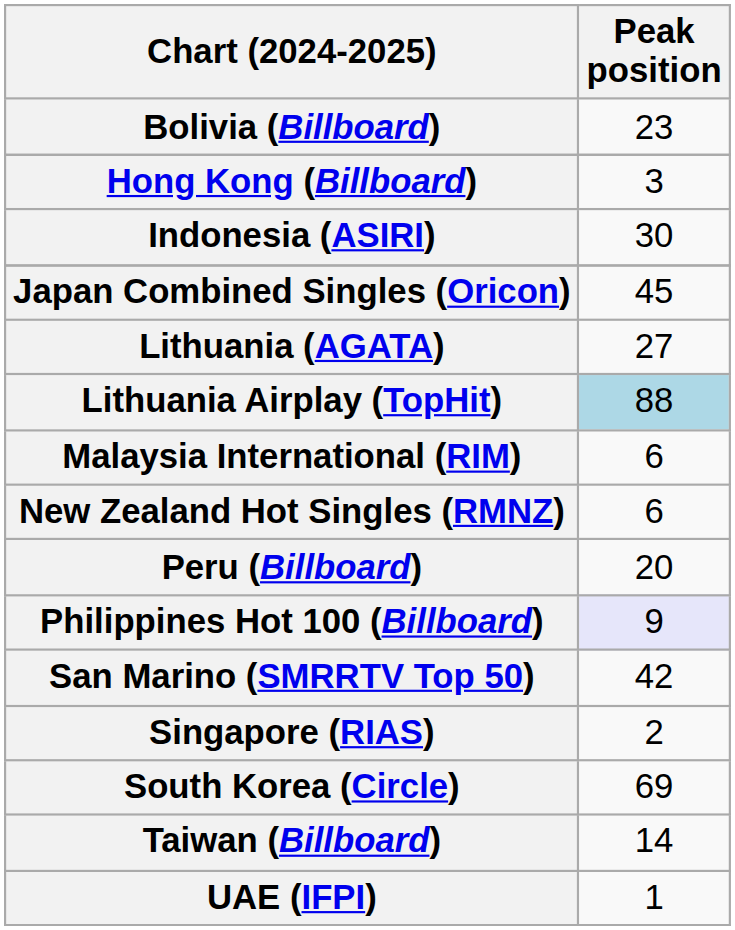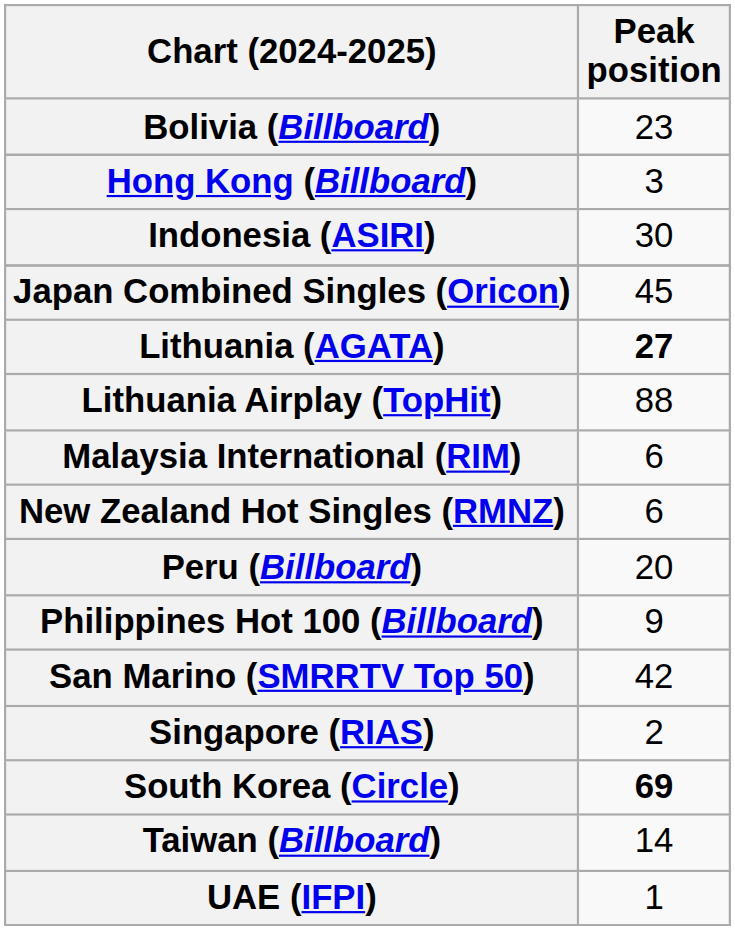 <table class="wikitable sortable plainrowheaders" style="text-align:center">
 <tr>
 <th scope="col">Chart (2024-2025)</th>
 <th scope="col">Peak<br>position</th>
 </tr>
 <tr>
 <th scope="row">Bolivia (<em><a href='#'>Billboard</a></em>)</th>
 <td>23</td>
 </tr>
 <tr>
 </tr>
 <tr>
 </tr>
 <tr>
 <th scope="row"><a href='#'>Hong Kong</a> (<em><a href='#'>Billboard</a></em>)</th>
 <td>3</td>
 </tr>
 <tr>
 <th scope="row">Indonesia (<a href='#'>ASIRI</a>)</th>
 <td>30</td>
 </tr>
 <tr>
 </tr>
 <tr>
 <th scope="row">Japan Combined Singles (<a href='#'>Oricon</a>)</th>
 <td>45</td>
 </tr>
 <tr>
 <th scope="row">Lithuania (<a href='#'>AGATA</a>)</th>
-<td>27</td>
+<td><strong>27</strong></td>
 </tr>
 <tr>
 <th scope="row">Lithuania Airplay (<a href='#'>TopHit</a>)</th>
-<td style="background: lightblue;">88</td>
+<td>88</td>
 </tr>
 <tr>
 <th scope="row">Malaysia International (<a href='#'>RIM</a>)</th>
 <td>6</td>
 </tr>
 <tr>
 <th scope="row">New Zealand Hot Singles (<a href='#'>RMNZ</a>)</th>
 <td>6</td>
 </tr>
 <tr>
 <th scope="row">Peru (<em><a href='#'>Billboard</a></em>)</th>
 <td>20</td>
 </tr>
 <tr>
 <th scope="row">Philippines Hot 100 (<em><a href='#'>Billboard</a></em>)</th>
-<td style="background: lavender;">9</td>
+<td>9</td>
 </tr>
 <tr>
 <th scope="row">San Marino (<a href='#'>SMRRTV Top 50</a>)</th>
 <td>42</td>
 </tr>
 <tr>
 <th scope="row">Singapore (<a href='#'>RIAS</a>)</th>
 <td>2</td>
 </tr>
 <tr>
 <th scope="row">South Korea (<a href='#'>Circle</a>)</th>
-<td>69</td>
+<td><strong>69</strong></td>
 </tr>
 <tr>
 <th scope="row"b>Taiwan (<em><a href='#'>Billboard</a></em>)</th>
 <td>14</td>
 </tr>
 <tr>
 <th scope="row">UAE (<a href='#'>IFPI</a>)</th>
 <td>1</td>
 </tr>
 <tr>
 </tr>
 <tr>
 </tr>
 </table>
